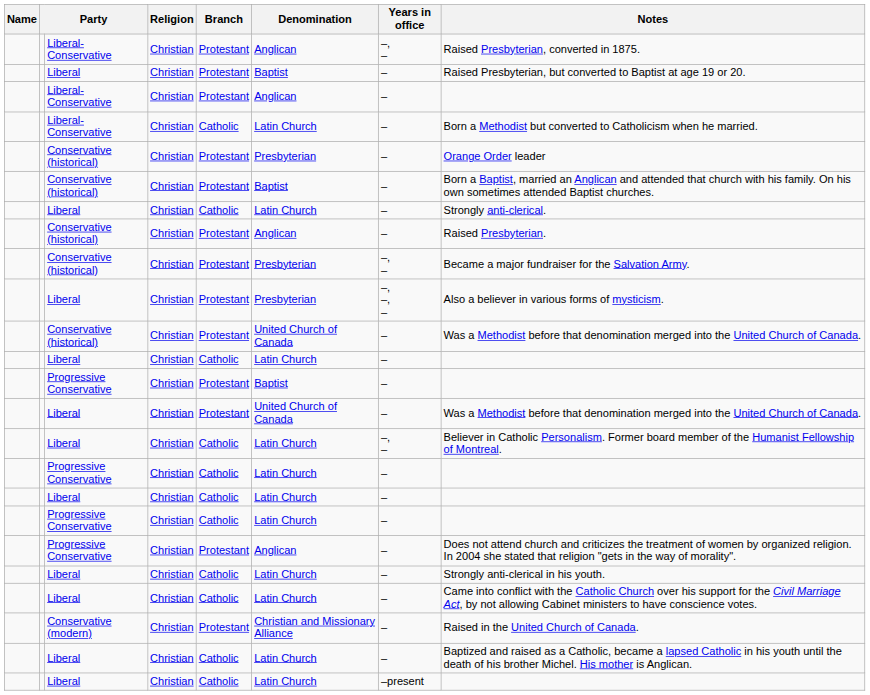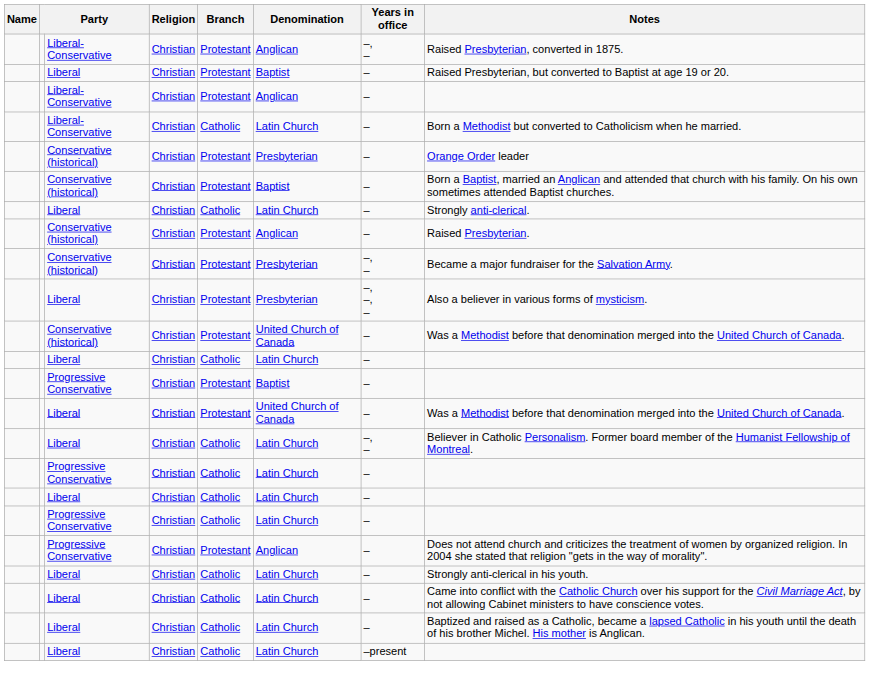 <table class="wikitable sortable sticky-header" style=text-align:left" style="margin:1em auto;">
 <tr>
 <th>Name</th>
 <th colspan="2">Party</th>
 <th>Religion</th>
 <th>Branch</th>
 <th>Denomination</th>
 <th>Years in office</th>
 <th>Notes</th>
 </tr>
 <tr>
 <td></td>
 <td style="background:"></td>
 <td><a href='#'>Liberal-Conservative</a></td>
 <td> <a href='#'>Christian</a></td>
 <td> <a href='#'>Protestant</a></td>
 <td><a href='#'>Anglican</a></td>
 <td>–,<br>–</td>
 <td>Raised <a href='#'>Presbyterian</a>, converted in 1875.</td>
 </tr>
 <tr>
 <td></td>
 <td style="background:"></td>
 <td><a href='#'>Liberal</a></td>
 <td> <a href='#'>Christian</a></td>
 <td> <a href='#'>Protestant</a></td>
 <td><a href='#'>Baptist</a></td>
 <td>–</td>
 <td>Raised Presbyterian, but converted to Baptist at age 19 or 20.</td>
 </tr>
 <tr>
 <td></td>
 <td style="background:"></td>
 <td><a href='#'>Liberal-Conservative</a></td>
 <td> <a href='#'>Christian</a></td>
 <td> <a href='#'>Protestant</a></td>
 <td><a href='#'>Anglican</a></td>
 <td>–</td>
 <td></td>
 </tr>
 <tr>
 <td></td>
 <td style="background:"></td>
 <td><a href='#'>Liberal-Conservative</a></td>
 <td><a href='#'>Christian</a></td>
 <td> <a href='#'>Catholic</a></td>
 <td><a href='#'>Latin Church</a></td>
 <td>–</td>
 <td>Born a <a href='#'>Methodist</a> but converted to Catholicism when he married.</td>
 </tr>
 <tr>
 <td></td>
 <td style="background:"></td>
 <td><a href='#'>Conservative (historical)</a></td>
 <td> <a href='#'>Christian</a></td>
 <td> <a href='#'>Protestant</a></td>
 <td><a href='#'>Presbyterian</a></td>
 <td>–</td>
 <td><a href='#'>Orange Order</a> leader</td>
 </tr>
 <tr>
 <td></td>
 <td style="background:"></td>
 <td><a href='#'>Conservative (historical)</a></td>
 <td> <a href='#'>Christian</a></td>
 <td> <a href='#'>Protestant</a></td>
 <td><a href='#'>Baptist</a></td>
 <td>–</td>
 <td>Born a <a href='#'>Baptist</a>, married an <a href='#'>Anglican</a> and attended that church with his family. On his own sometimes attended Baptist churches.</td>
 </tr>
 <tr>
 <td></td>
 <td style="background:"></td>
 <td><a href='#'>Liberal</a></td>
 <td> <a href='#'>Christian</a></td>
 <td> <a href='#'>Catholic</a></td>
 <td><a href='#'>Latin Church</a></td>
 <td>–</td>
 <td>Strongly <a href='#'>anti-clerical</a>.</td>
 </tr>
 <tr>
 <td></td>
 <td style="background:"></td>
 <td><a href='#'>Conservative (historical)</a></td>
 <td> <a href='#'>Christian</a></td>
 <td> <a href='#'>Protestant</a></td>
 <td><a href='#'>Anglican</a></td>
 <td>–</td>
 <td>Raised <a href='#'>Presbyterian</a>.</td>
 </tr>
 <tr>
 <td></td>
 <td style="background:"></td>
 <td><a href='#'>Conservative (historical)</a></td>
 <td> <a href='#'>Christian</a></td>
 <td> <a href='#'>Protestant</a></td>
 <td><a href='#'>Presbyterian</a></td>
 <td>–,<br>–</td>
 <td>Became a major fundraiser for the <a href='#'>Salvation Army</a>.</td>
 </tr>
 <tr>
 <td></td>
 <td style="background:"></td>
 <td><a href='#'>Liberal</a></td>
 <td> <a href='#'>Christian</a></td>
 <td> <a href='#'>Protestant</a></td>
 <td><a href='#'>Presbyterian</a></td>
 <td>–,<br>–,<br>–</td>
 <td>Also a believer in various forms of <a href='#'>mysticism</a>.</td>
 </tr>
 <tr>
 <td></td>
 <td style="background:"></td>
 <td><a href='#'>Conservative (historical)</a></td>
 <td> <a href='#'>Christian</a></td>
 <td> <a href='#'>Protestant</a></td>
 <td><a href='#'>United Church of Canada</a></td>
 <td>–</td>
 <td>Was a <a href='#'>Methodist</a> before that denomination merged into the <a href='#'>United Church of Canada</a>.</td>
 </tr>
 <tr>
 <td></td>
 <td style="background:"></td>
 <td><a href='#'>Liberal</a></td>
 <td> <a href='#'>Christian</a></td>
 <td> <a href='#'>Catholic</a></td>
 <td><a href='#'>Latin Church</a></td>
 <td>–</td>
 <td></td>
 </tr>
 <tr>
 <td></td>
 <td style="background:"></td>
 <td><a href='#'>Progressive Conservative</a></td>
 <td> <a href='#'>Christian</a></td>
 <td> <a href='#'>Protestant</a></td>
 <td><a href='#'>Baptist</a></td>
 <td>–</td>
 <td></td>
 </tr>
 <tr>
 <td></td>
 <td style="background:"></td>
 <td><a href='#'>Liberal</a></td>
 <td> <a href='#'>Christian</a></td>
 <td> <a href='#'>Protestant</a></td>
 <td><a href='#'>United Church of Canada</a></td>
 <td>–</td>
 <td>Was a <a href='#'>Methodist</a> before that denomination merged into the <a href='#'>United Church of Canada</a>.</td>
 </tr>
 <tr>
 <td></td>
 <td style="background:"></td>
 <td><a href='#'>Liberal</a></td>
 <td> <a href='#'>Christian</a></td>
 <td> <a href='#'>Catholic</a></td>
 <td><a href='#'>Latin Church</a></td>
 <td>–,<br>–</td>
 <td>Believer in Catholic <a href='#'>Personalism</a>. Former board member of the <a href='#'>Humanist Fellowship of Montreal</a>.</td>
 </tr>
 <tr>
 <td></td>
 <td style="background:"></td>
 <td><a href='#'>Progressive Conservative</a></td>
 <td> <a href='#'>Christian</a></td>
 <td> <a href='#'>Catholic</a></td>
 <td><a href='#'>Latin Church</a></td>
 <td>–</td>
 <td></td>
 </tr>
 <tr>
 <td></td>
 <td style="background:"></td>
 <td><a href='#'>Liberal</a></td>
 <td> <a href='#'>Christian</a></td>
 <td> <a href='#'>Catholic</a></td>
 <td><a href='#'>Latin Church</a></td>
 <td>–</td>
 <td></td>
 </tr>
 <tr>
 <td></td>
 <td style="background:"></td>
 <td><a href='#'>Progressive Conservative</a></td>
 <td> <a href='#'>Christian</a></td>
 <td> <a href='#'>Catholic</a></td>
 <td><a href='#'>Latin Church</a></td>
 <td>–</td>
 <td></td>
 </tr>
 <tr>
 <td></td>
 <td style="background:"></td>
 <td><a href='#'>Progressive Conservative</a></td>
 <td> <a href='#'>Christian</a></td>
 <td> <a href='#'>Protestant</a></td>
 <td><a href='#'>Anglican</a></td>
 <td>–</td>
 <td>Does not attend church and criticizes the treatment of women by organized religion. In 2004 she stated that religion "gets in the way of morality".</td>
 </tr>
 <tr>
 <td></td>
 <td style="background:"></td>
 <td><a href='#'>Liberal</a></td>
 <td>  <a href='#'>Christian</a></td>
 <td> <a href='#'>Catholic</a></td>
 <td><a href='#'>Latin Church</a></td>
 <td>–</td>
 <td>Strongly anti-clerical in his youth.</td>
 </tr>
 <tr>
 <td></td>
 <td style="background:"></td>
 <td><a href='#'>Liberal</a></td>
 <td> <a href='#'>Christian</a></td>
 <td> <a href='#'>Catholic</a></td>
 <td><a href='#'>Latin Church</a></td>
 <td>–</td>
 <td>Came into conflict with the <a href='#'>Catholic Church</a> over his support for the <em><a href='#'>Civil Marriage Act</a></em>, by not allowing Cabinet ministers to have conscience votes.</td>
 </tr>
 <tr>
 <td></td>
 <td style="background:"></td>
-<td><a href='#'>Conservative (modern)</a></td>
-<td> <a href='#'>Christian</a></td>
-<td><a href='#'>Protestant</a></td>
-<td><a href='#'>Christian and Missionary Alliance</a></td>
-<td>–</td>
-<td>Raised in the <a href='#'>United Church of Canada</a>.</td>
-</tr>
-<tr>
-<td></td>
-<td style="background:"></td>
 <td><a href='#'>Liberal</a></td>
 <td> <a href='#'>Christian</a></td>
 <td> <a href='#'>Catholic</a></td>
 <td><a href='#'>Latin Church</a></td>
 <td>–</td>
 <td>Baptized and raised as a Catholic, became a <a href='#'>lapsed Catholic</a> in his youth until the death of his brother Michel. <a href='#'>His mother</a> is Anglican.</td>
 </tr>
 <tr>
 <td></td>
 <td style="background:"></td>
 <td><a href='#'>Liberal</a></td>
 <td> <a href='#'>Christian</a></td>
 <td> <a href='#'>Catholic</a></td>
 <td><a href='#'>Latin Church</a></td>
 <td>–present</td>
 <td></td>
 </tr>
 </table>
